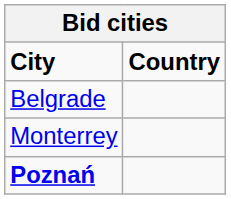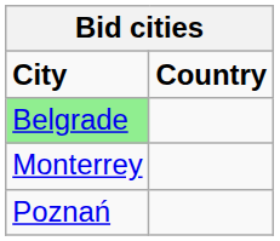 <table class="wikitable">
 <tr>
 <th colspan=6>Bid cities</th>
 </tr>
 <tr>
 <td><strong>City</strong></td>
 <td><strong>Country</strong></td>
 </tr>
 <tr>
-<td><a href='#'>Belgrade</a></td>
+<td style="background: lightgreen;"><a href='#'>Belgrade</a></td>
 <td></td>
 </tr>
 <tr>
 <td><a href='#'>Monterrey</a></td>
 <td></td>
 </tr>
 <tr>
-<td><strong><a href='#'>Poznań</a></strong></td>
+<td><a href='#'>Poznań</a></td>
 <td></td>
 </tr>
 </table>
